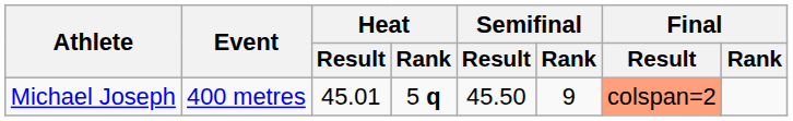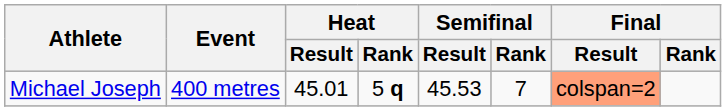 <table class="wikitable" style="font-size:90%">
 <tr>
 <th rowspan="2">Athlete</th>
 <th rowspan="2">Event</th>
 <th colspan="2">Heat</th>
 <th colspan="2">Semifinal</th>
 <th colspan="2">Final</th>
 </tr>
 <tr style="font-size:95%">
 <th>Result</th>
 <th>Rank</th>
 <th>Result</th>
 <th>Rank</th>
 <th>Result</th>
 <th>Rank</th>
 </tr>
 <tr align=center>
 <td align=left><a href='#'>Michael Joseph</a></td>
 <td align=left><a href='#'>400 metres</a></td>
 <td>45.01</td>
 <td>5 <strong>q</strong></td>
-<td>45.50</td>
-<td>9</td>
+<td>45.53</td>
+<td>7</td>
 <td style="background: lightsalmon;">colspan=2 </td>
 </tr>
 </table>
